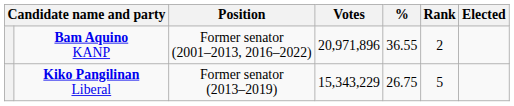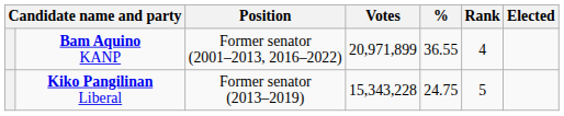 <table class="wikitable sortable" style="text-align:center;font-size:100%;">
 <tr>
 <th colspan="2" class=unsortable>Candidate name and party</th>
 <th class=unsortable>Position</th>
 <th>Votes</th>
 <th>%</th>
 <th>Rank</th>
 <th class=unsortable>Elected</th>
 </tr>
 <tr>
 <th style="background:"></th>
 <td><strong><a href='#'>Bam Aquino</a></strong><br><a href='#'>KANP</a></td>
 <td>Former senator<br>(2001–2013, 2016–2022)</td>
-<td>20,971,896</td>
+<td>20,971,899</td>
 <td>36.55</td>
-<td>2</td>
+<td>4</td>
 <td></td>
 </tr>
 <tr>
 <th style="background:"></th>
 <td><strong><a href='#'>Kiko Pangilinan</a></strong><br><a href='#'>Liberal</a></td>
 <td>Former senator<br>(2013–2019)</td>
-<td>15,343,229</td>
-<td>26.75</td>
+<td>15,343,228</td>
+<td>24.75</td>
 <td>5</td>
 <td></td>
 </tr>
 </table>
